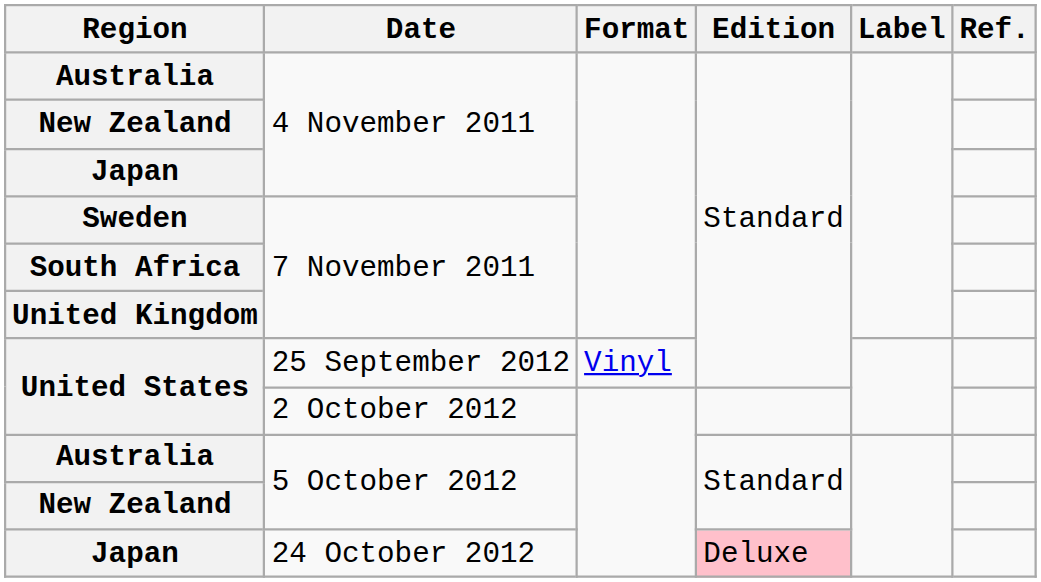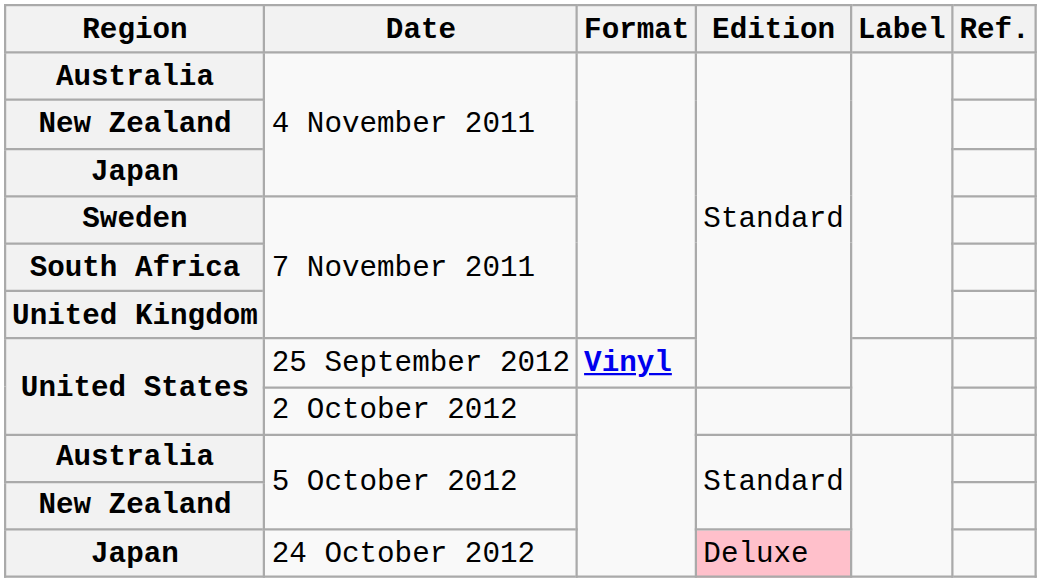 <table class="wikitable sortable plainrowheaders">
 <tr>
 <th scope="col">Region</th>
 <th scope="col">Date</th>
 <th scope="col">Format</th>
 <th scope="col">Edition</th>
 <th scope="col">Label</th>
 <th scope="col">Ref.</th>
 </tr>
 <tr>
 <th scope="row">Australia</th>
 <td rowspan="3">4 November 2011</td>
 <td rowspan="6"></td>
 <td rowspan="7">Standard</td>
 <td rowspan="6"></td>
 <td></td>
 </tr>
 <tr>
 <th scope="row">New Zealand</th>
 <td></td>
 </tr>
 <tr>
 <th scope="row">Japan</th>
 <td></td>
 </tr>
 <tr>
 <th scope="row">Sweden</th>
 <td rowspan="3">7 November 2011</td>
 <td></td>
 </tr>
 <tr>
 <th scope="row">South Africa</th>
 <td></td>
 </tr>
 <tr>
 <th scope="row">United Kingdom</th>
 <td></td>
 </tr>
 <tr>
 <th scope="row" rowspan="2">United States</th>
 <td>25 September 2012</td>
-<td><a href='#'>Vinyl</a></td>
+<td><strong><a href='#'>Vinyl</a></strong></td>
 <td rowspan="2"></td>
 <td></td>
 </tr>
 <tr>
 <td>2 October 2012</td>
 <td rowspan="4"></td>
 <td></td>
 <td></td>
 </tr>
 <tr>
 <th scope="row">Australia</th>
 <td rowspan="2">5 October 2012</td>
 <td rowspan="2">Standard</td>
 <td rowspan="3"></td>
 <td></td>
 </tr>
 <tr>
 <th scope="row">New Zealand</th>
 <td></td>
 </tr>
 <tr>
 <th scope="row">Japan</th>
 <td>24 October 2012</td>
 <td style="background: pink;">Deluxe</td>
 <td></td>
 </tr>
 </table>
